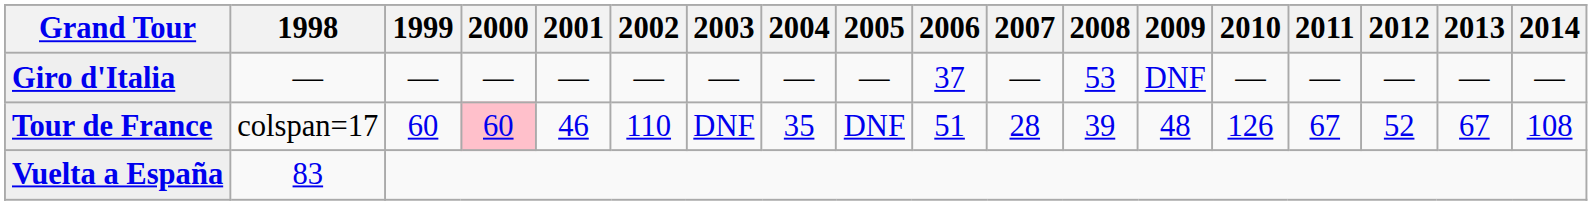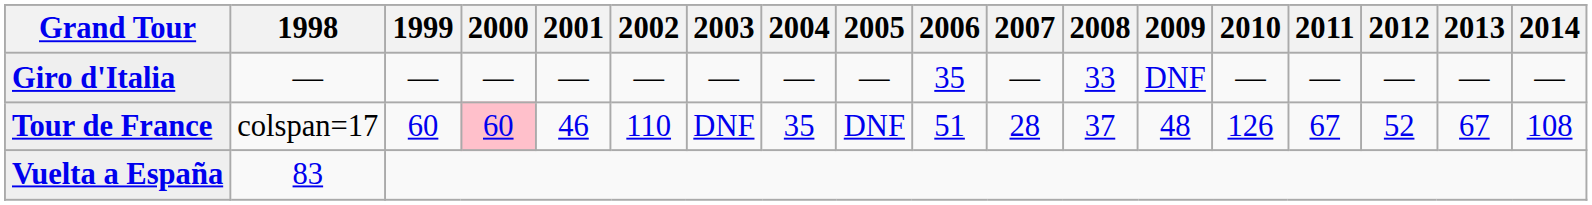 <table class="wikitable plainrowheaders">
 <tr>
 <th scope="col"><a href='#'>Grand Tour</a></th>
 <th scope="col">1998</th>
 <th scope="col">1999</th>
 <th scope="col">2000</th>
 <th scope="col">2001</th>
 <th scope="col">2002</th>
 <th scope="col">2003</th>
 <th scope="col">2004</th>
 <th scope="col">2005</th>
 <th scope="col">2006</th>
 <th scope="col">2007</th>
 <th scope="col">2008</th>
 <th scope="col">2009</th>
 <th scope="col">2010</th>
 <th scope="col">2011</th>
 <th scope="col">2012</th>
 <th scope="col">2013</th>
 <th scope="col">2014</th>
 </tr>
 <tr style="text-align:center;">
 <td style="text-align:left; background:#efefef;"> <strong><a href='#'>Giro d'Italia</a></strong></td>
 <td>—</td>
 <td>—</td>
 <td>—</td>
 <td>—</td>
 <td>—</td>
 <td>—</td>
 <td>—</td>
 <td>—</td>
-<td><a href='#'>37</a></td>
+<td><a href='#'>35</a></td>
 <td>—</td>
-<td><a href='#'>53</a></td>
+<td><a href='#'>33</a></td>
 <td><a href='#'>DNF</a></td>
 <td>—</td>
 <td>—</td>
 <td>—</td>
 <td>—</td>
 <td>—</td>
 </tr>
 <tr style="text-align:center;">
 <td style="text-align:left; background:#efefef;"> <strong><a href='#'>Tour de France</a></strong></td>
 <td>colspan=17 </td>
 <td><a href='#'>60</a></td>
 <td style="background: pink;"><a href='#'>60</a></td>
 <td><a href='#'>46</a></td>
 <td><a href='#'>110</a></td>
 <td><a href='#'>DNF</a></td>
 <td><a href='#'>35</a></td>
 <td><a href='#'>DNF</a></td>
 <td><a href='#'>51</a></td>
 <td><a href='#'>28</a></td>
-<td><a href='#'>39</a></td>
+<td><a href='#'>37</a></td>
 <td><a href='#'>48</a></td>
 <td><a href='#'>126</a></td>
 <td><a href='#'>67</a></td>
 <td><a href='#'>52</a></td>
 <td><a href='#'>67</a></td>
 <td><a href='#'>108</a></td>
 </tr>
 <tr style="text-align:center;">
 <td style="text-align:left; background:#efefef;"> <strong><a href='#'>Vuelta a España</a></strong></td>
 <td><a href='#'>83</a></td>
 </tr>
 </table>
